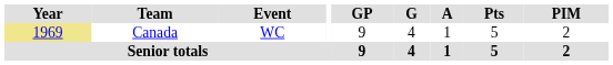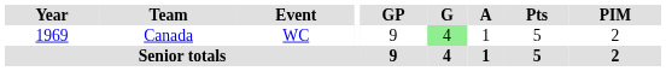 <table border="0" cellpadding="1" cellspacing="0" ID="Table3" style="text-align:center; width:40em">
 <tr bgcolor="#e0e0e0">
 <th>Year</th>
 <th>Team</th>
 <th>Event</th>
 <th rowspan="102" bgcolor="#ffffff"></th>
 <th>GP</th>
 <th>G</th>
 <th>A</th>
 <th>Pts</th>
 <th>PIM</th>
 </tr>
 <tr>
-<td style="background: khaki;"><a href='#'>1969</a></td>
+<td><a href='#'>1969</a></td>
 <td><a href='#'>Canada</a></td>
 <td><a href='#'>WC</a></td>
 <td>9</td>
-<td>4</td>
+<td style="background: lightgreen;">4</td>
 <td>1</td>
 <td>5</td>
 <td>2</td>
 </tr>
 <tr bgcolor="#e0e0e0">
 <th colspan="4">Senior totals</th>
 <th>9</th>
 <th>4</th>
 <th>1</th>
 <th>5</th>
 <th>2</th>
 </tr>
 </table>
